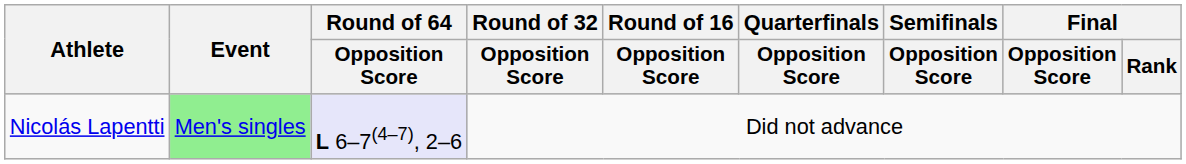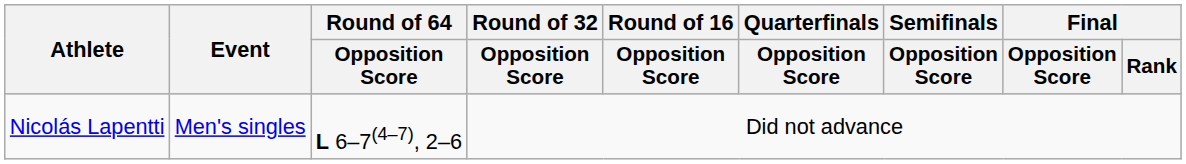 <table class=wikitable style="font-size:90%">
 <tr>
 <th rowspan="2">Athlete</th>
 <th rowspan="2">Event</th>
 <th>Round of 64</th>
 <th>Round of 32</th>
 <th>Round of 16</th>
 <th>Quarterfinals</th>
 <th>Semifinals</th>
 <th colspan=2>Final</th>
 </tr>
 <tr style="font-size:95%">
 <th>Opposition<br>Score</th>
 <th>Opposition<br>Score</th>
 <th>Opposition<br>Score</th>
 <th>Opposition<br>Score</th>
 <th>Opposition<br>Score</th>
 <th>Opposition<br>Score</th>
 <th>Rank</th>
 </tr>
 <tr align=center>
 <td align=left><a href='#'>Nicolás Lapentti</a></td>
-<td align=left style="background: lightgreen;"><a href='#'>Men's singles</a></td>
-<td style="background: lavender;"><br><strong>L</strong> 6–7<sup>(4–7)</sup>, 2–6</td>
+<td align=left><a href='#'>Men's singles</a></td>
+<td><br><strong>L</strong> 6–7<sup>(4–7)</sup>, 2–6</td>
 <td colspan=6>Did not advance</td>
 </tr>
 </table>
